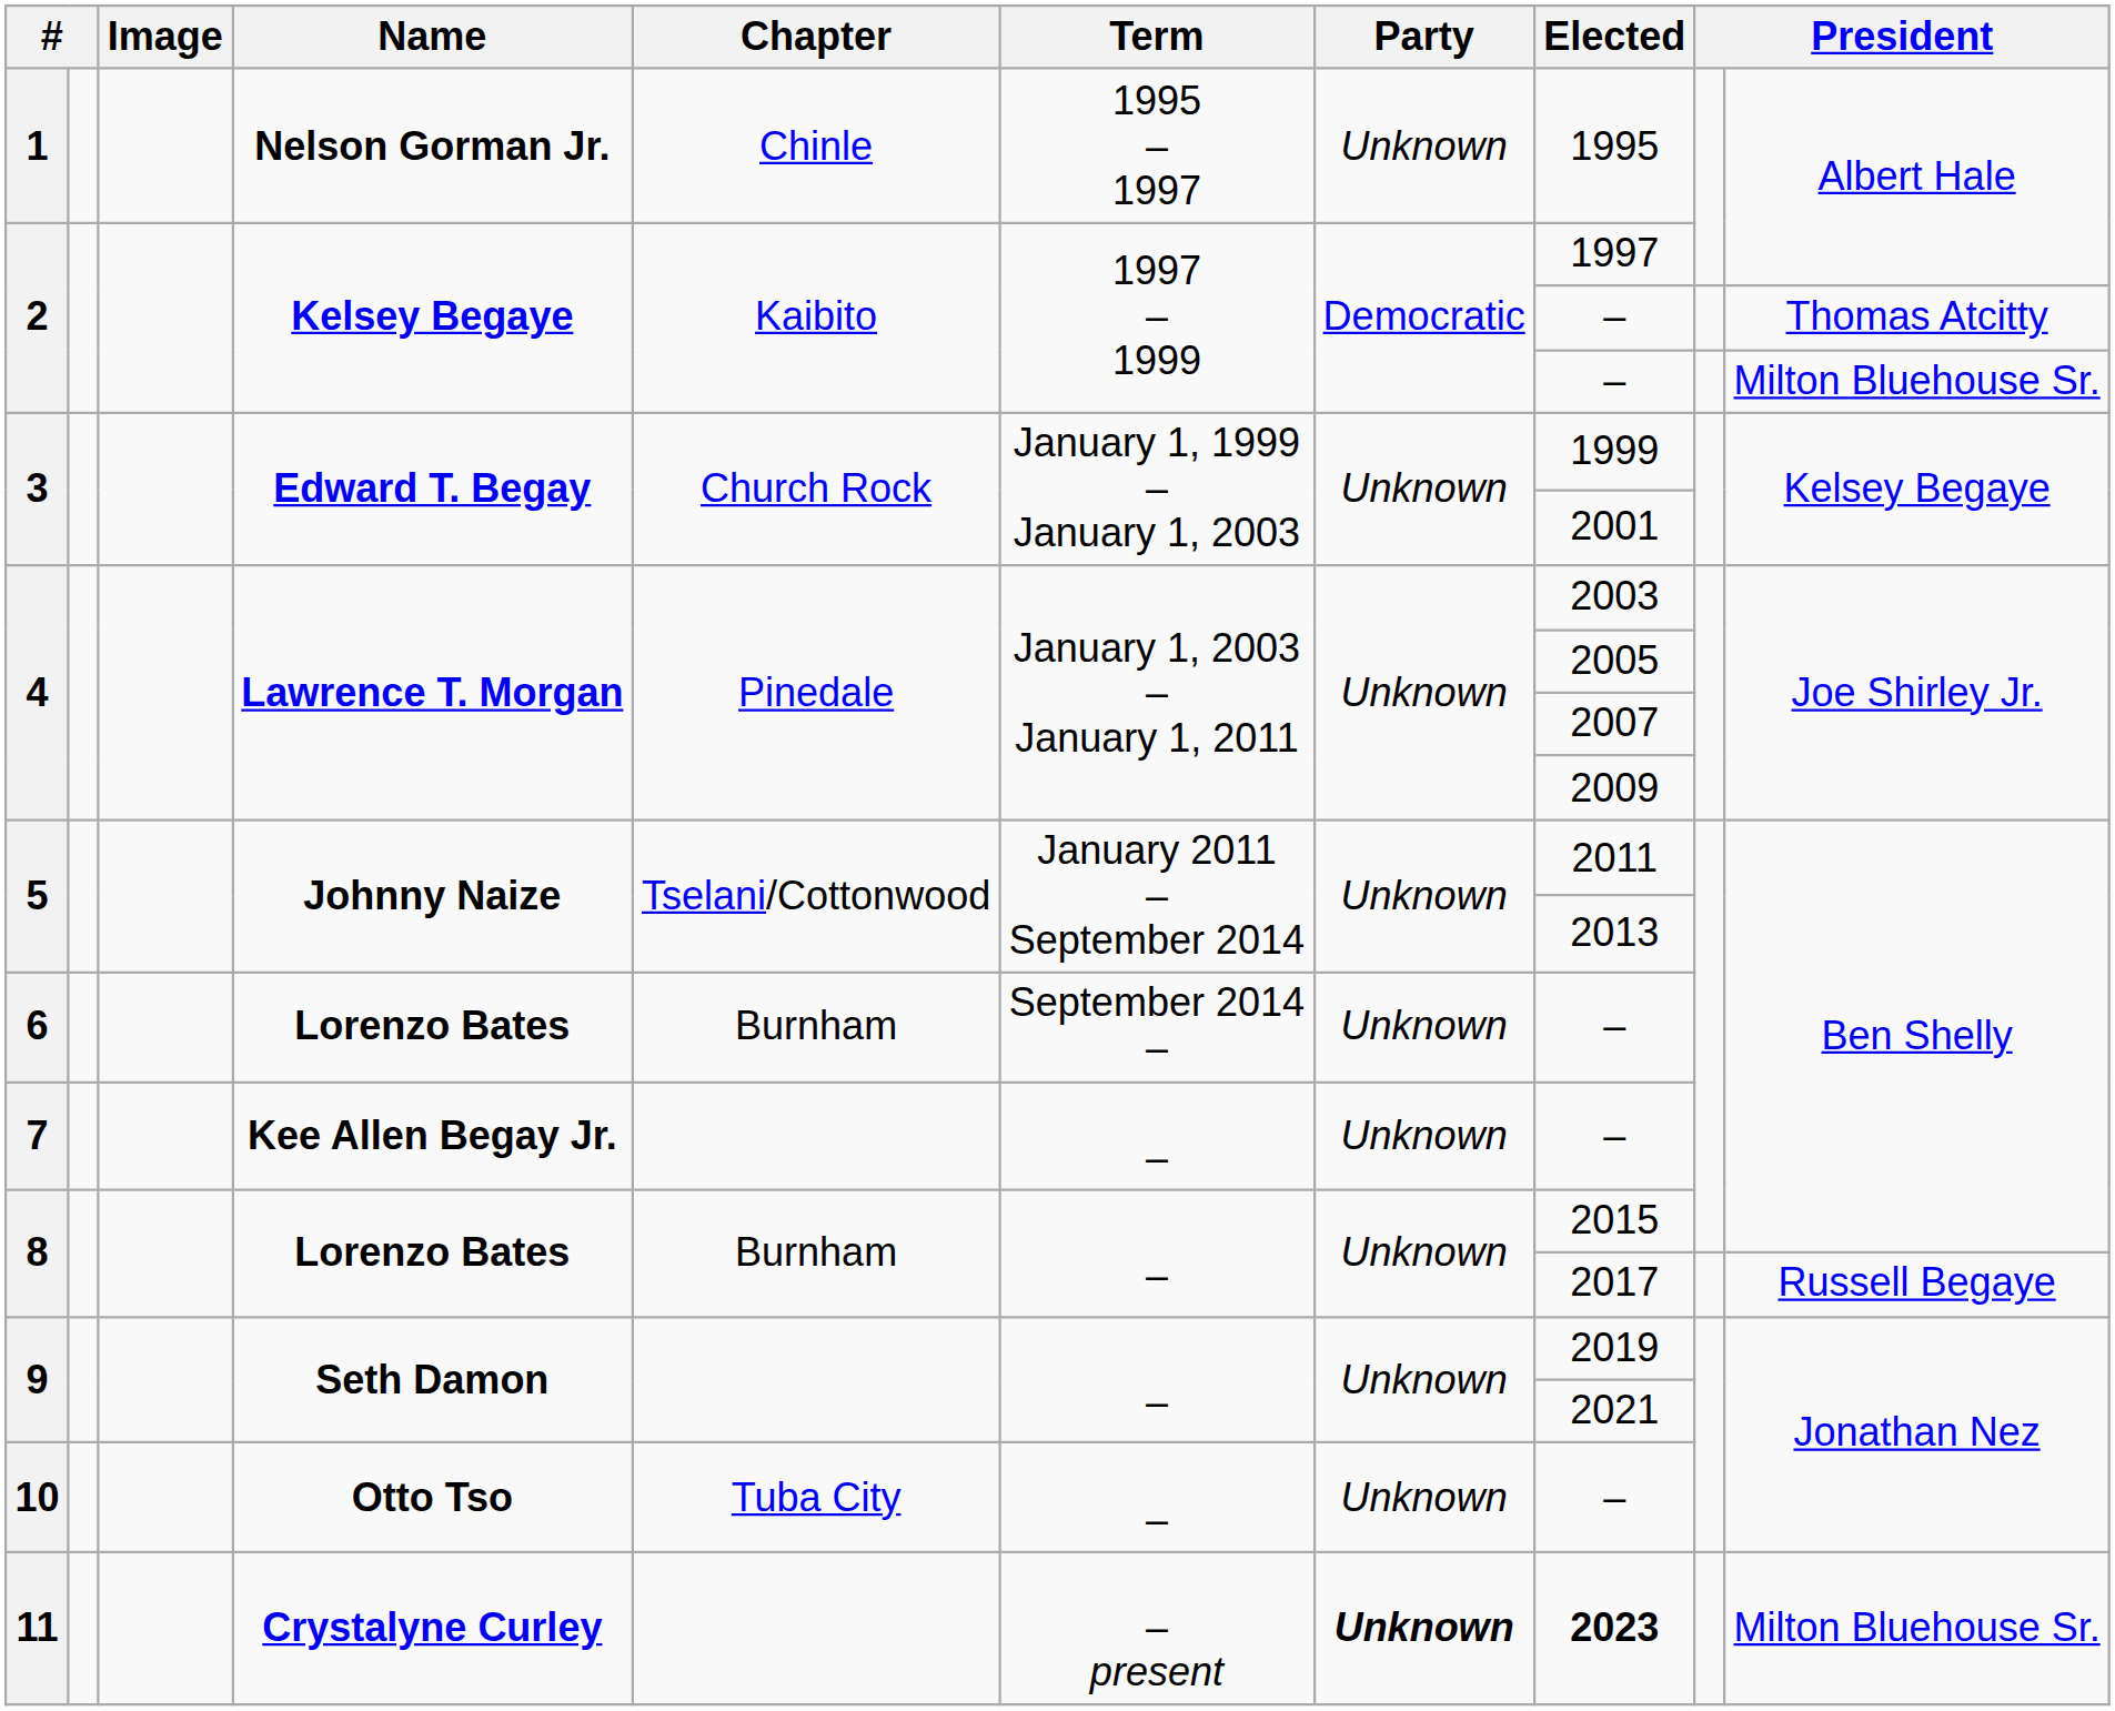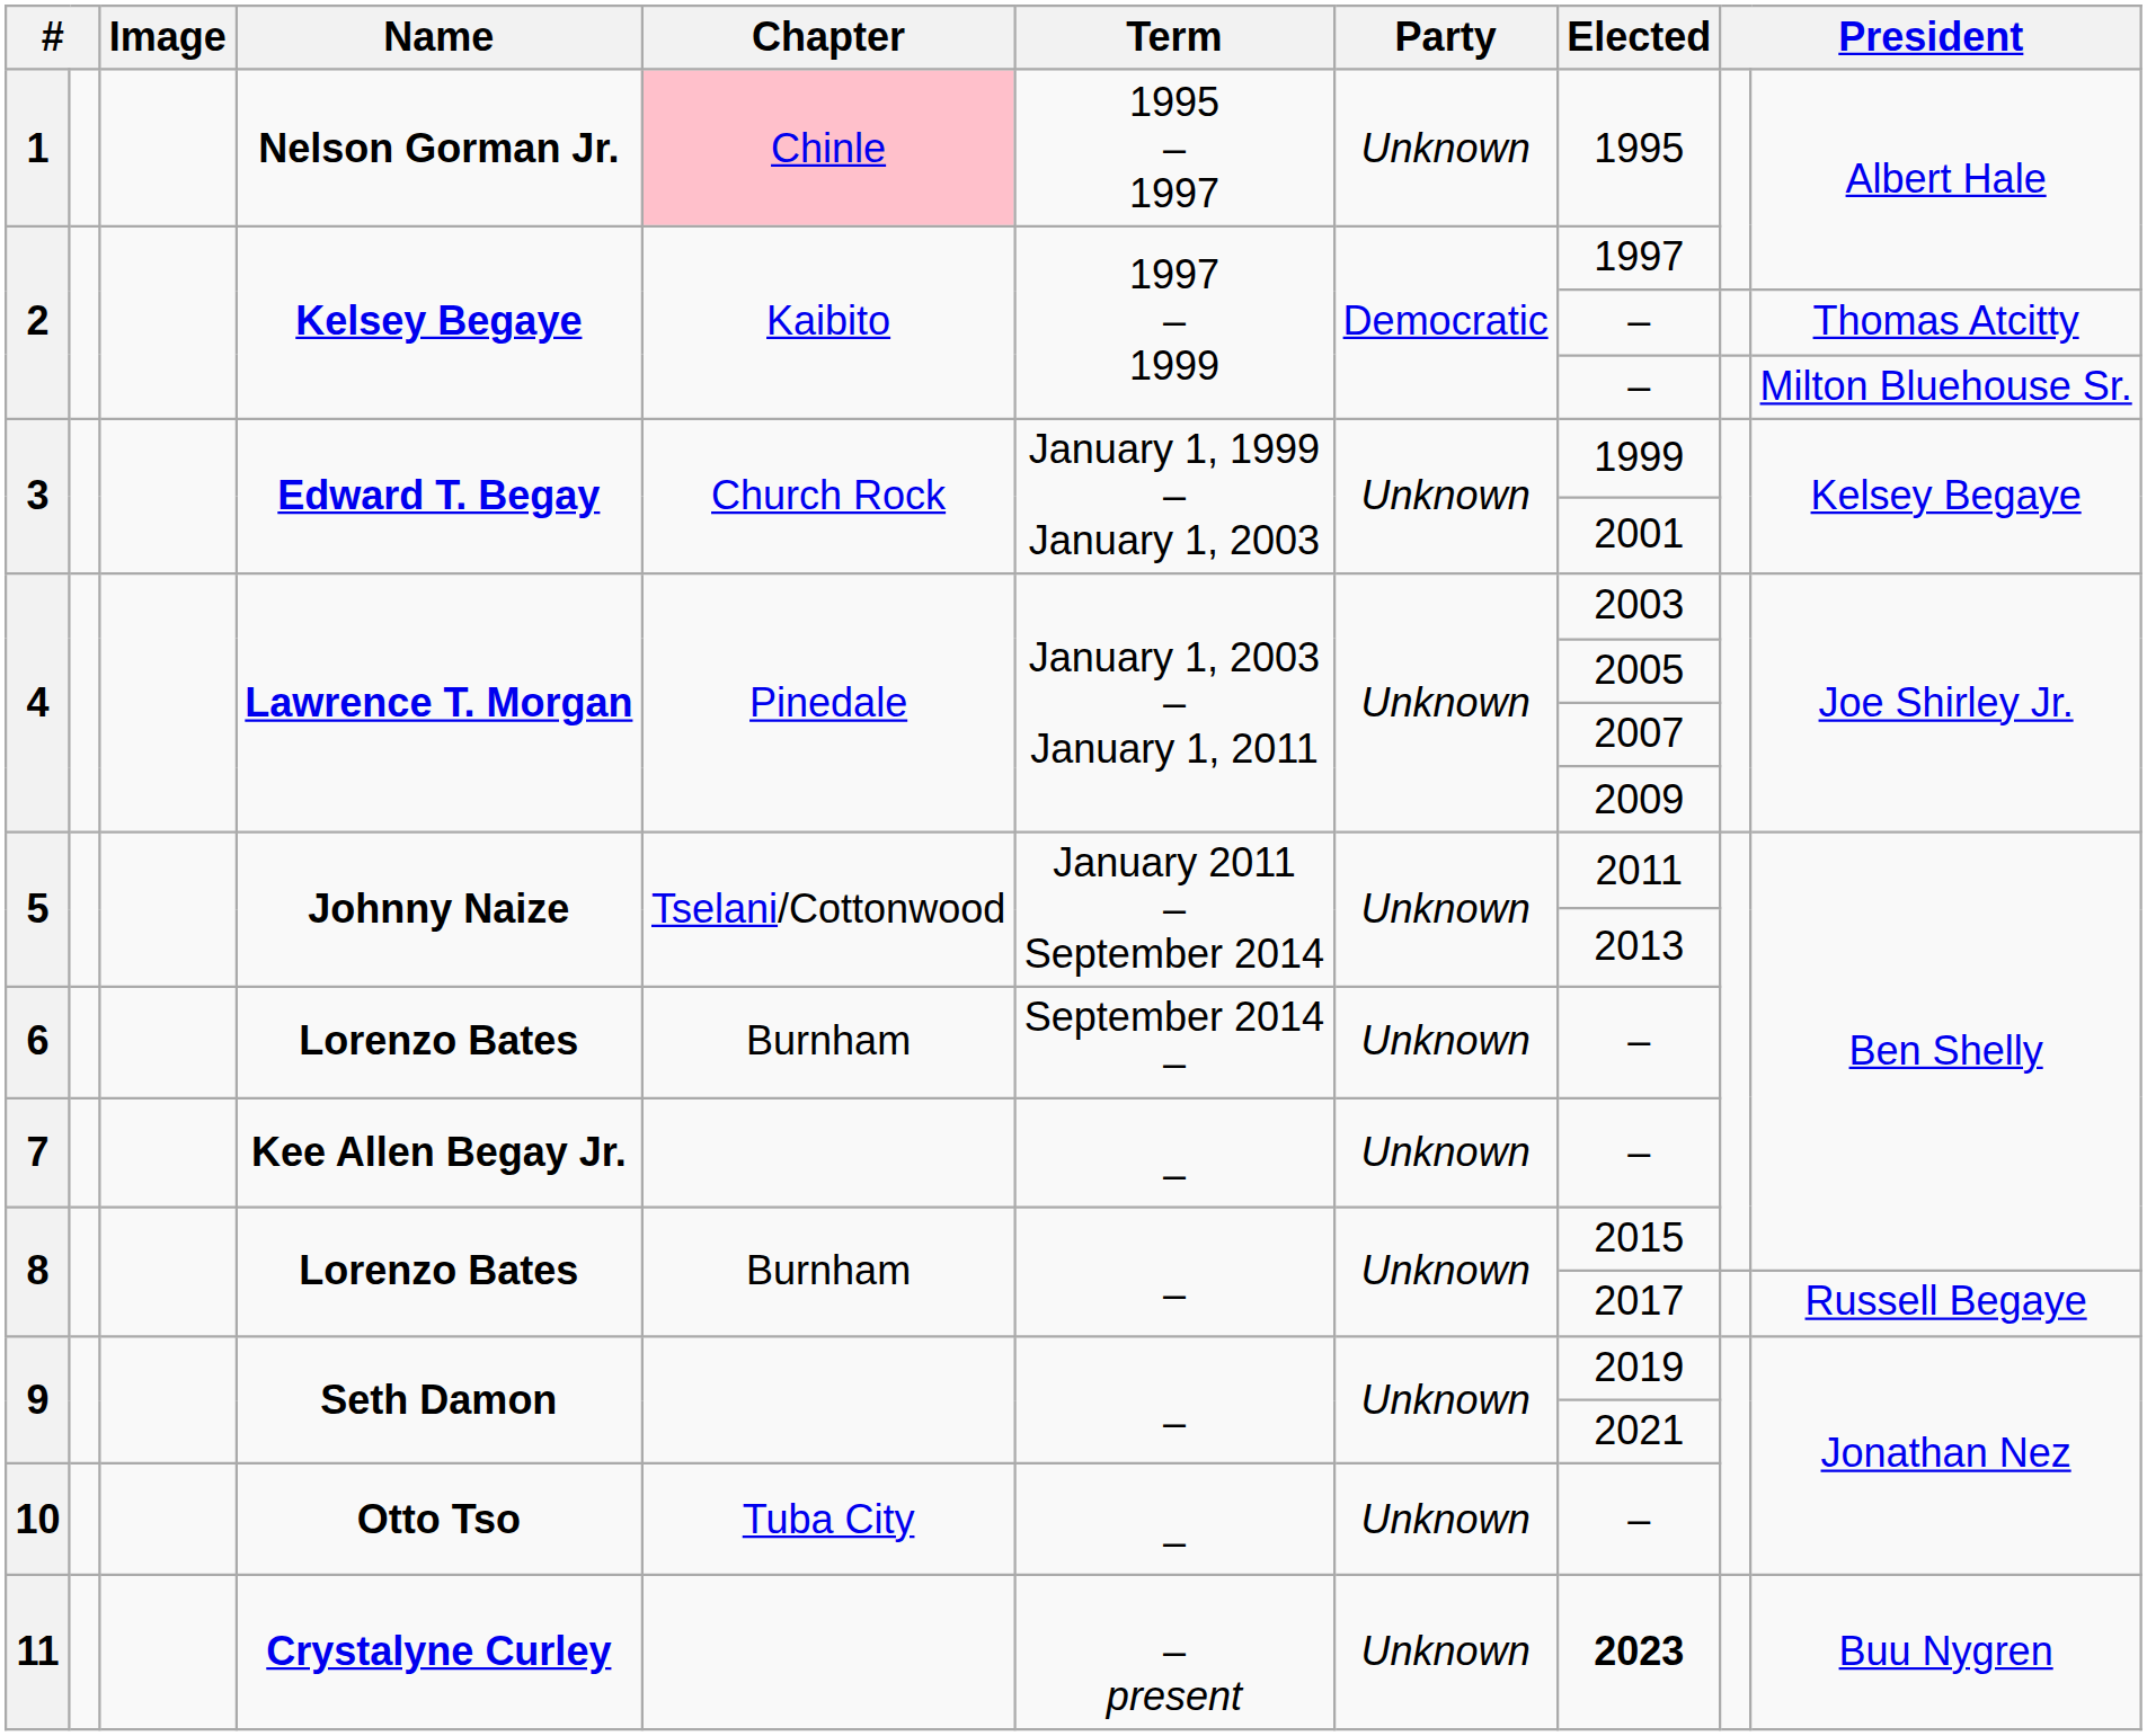 <table class="wikitable" style="text-align:center;">
 <tr>
 <th colspan="2">#</th>
 <th>Image</th>
 <th>Name</th>
 <th>Chapter</th>
 <th>Term</th>
 <th>Party</th>
 <th>Elected</th>
 <th colspan="2"><a href='#'>President</a></th>
 </tr>
 <tr>
 <th>1</th>
 <td> </td>
 <td></td>
 <td><strong>Nelson Gorman Jr.</strong><br></td>
-<td><a href='#'>Chinle</a></td>
+<td style="background: pink;"><a href='#'>Chinle</a></td>
 <td>1995<br>–<br>1997</td>
 <td><em>Unknown</em></td>
 <td>1995</td>
 <td rowspan="2" style="background-color:"> </td>
 <td rowspan="2"><a href='#'>Albert Hale</a><br></td>
 </tr>
 <tr>
 <th rowspan="3">2</th>
 <td rowspan="3" style="background-color:"> </td>
 <td rowspan="3"></td>
 <td rowspan="3"><strong><a href='#'>Kelsey Begaye</a></strong><br></td>
 <td rowspan="3"><a href='#'>Kaibito</a></td>
 <td rowspan="3">1997<br>–<br>1999</td>
 <td rowspan="3"><a href='#'>Democratic</a></td>
 <td>1997</td>
 </tr>
 <tr>
 <td>–</td>
 <td style="background-color:"> </td>
 <td><a href='#'>Thomas Atcitty</a><br></td>
 </tr>
 <tr>
 <td>–</td>
 <td> </td>
 <td><a href='#'>Milton Bluehouse Sr.</a><br></td>
 </tr>
 <tr>
 <th rowspan="2">3</th>
 <td rowspan="2"> </td>
 <td rowspan="2"></td>
 <td rowspan="2"><strong><a href='#'>Edward T. Begay</a></strong><br></td>
 <td rowspan="2"><a href='#'>Church Rock</a></td>
 <td rowspan="2">January 1, 1999<br>–<br>January 1, 2003</td>
 <td rowspan="2"><em>Unknown</em></td>
 <td>1999</td>
 <td rowspan="2" style="background-color:"> </td>
 <td rowspan="2"><a href='#'>Kelsey Begaye</a><br></td>
 </tr>
 <tr>
 <td>2001</td>
 </tr>
 <tr>
 <th rowspan="4">4</th>
 <td rowspan="4"> </td>
 <td rowspan="4"></td>
 <td rowspan="4"><strong><a href='#'>Lawrence T. Morgan</a></strong><br></td>
 <td rowspan="4"><a href='#'>Pinedale</a></td>
 <td rowspan="4">January 1, 2003<br>–<br>January 1, 2011</td>
 <td rowspan="4"><em>Unknown</em></td>
 <td>2003</td>
 <td rowspan="4" style="background-color:"> </td>
 <td rowspan="4"><a href='#'>Joe Shirley Jr.</a><br></td>
 </tr>
 <tr>
 <td>2005</td>
 </tr>
 <tr>
 <td>2007</td>
 </tr>
 <tr>
 <td>2009</td>
 </tr>
 <tr>
 <th rowspan="2">5</th>
 <td rowspan="2"> </td>
 <td rowspan="2"></td>
 <td rowspan="2"><strong>Johnny Naize</strong><br></td>
 <td rowspan="2"><a href='#'>Tselani</a>/Cottonwood</td>
 <td rowspan="2">January 2011<br>–<br>September 2014</td>
 <td rowspan="2"><em>Unknown</em></td>
 <td>2011</td>
 <td rowspan="5" style="background-color:"> </td>
 <td rowspan="5"><a href='#'>Ben Shelly</a><br></td>
 </tr>
 <tr>
 <td>2013</td>
 </tr>
 <tr>
 <th>6</th>
 <td> </td>
 <td></td>
 <td><strong>Lorenzo Bates</strong><br></td>
 <td>Burnham</td>
 <td>September 2014<br>–<br></td>
 <td><em>Unknown</em></td>
 <td>–</td>
 </tr>
 <tr>
 <th>7</th>
 <td> </td>
 <td></td>
 <td><strong>Kee Allen Begay Jr.</strong><br></td>
 <td></td>
 <td><br>–<br></td>
 <td><em>Unknown</em></td>
 <td>–</td>
 </tr>
 <tr>
 <th rowspan="2">8</th>
 <td rowspan="2"> </td>
 <td rowspan="2"></td>
 <td rowspan="2"><strong>Lorenzo Bates</strong><br></td>
 <td rowspan="2">Burnham</td>
 <td rowspan="2"><br>–<br></td>
 <td rowspan="2"><em>Unknown</em></td>
 <td>2015</td>
 </tr>
 <tr>
 <td>2017</td>
 <td style="background-color:"> </td>
 <td><a href='#'>Russell Begaye</a><br></td>
 </tr>
 <tr>
 <th rowspan="2">9</th>
 <td rowspan="2"> </td>
 <td rowspan="2"></td>
 <td rowspan="2"><strong>Seth Damon</strong><br></td>
 <td rowspan="2"></td>
 <td rowspan="2"><br>–<br></td>
 <td rowspan="2"><em>Unknown</em></td>
 <td>2019</td>
 <td rowspan="3" style="background-color:"> </td>
 <td rowspan="3"><a href='#'>Jonathan Nez</a><br></td>
 </tr>
 <tr>
 <td>2021</td>
 </tr>
 <tr>
 <th>10</th>
 <td> </td>
 <td></td>
 <td><strong>Otto Tso</strong><br></td>
 <td><a href='#'>Tuba City</a></td>
 <td><br>–<br></td>
 <td><em>Unknown</em></td>
 <td>–</td>
 </tr>
 <tr>
 <th>11</th>
 <td> </td>
 <td></td>
 <td><strong><a href='#'>Crystalyne Curley</a></strong><br></td>
 <td></td>
 <td><br>–<br><em>present</em></td>
-<td><strong><em>Unknown</em></strong></td>
+<td><em>Unknown</em></td>
 <td><strong>2023</strong></td>
 <td style="background-color:"> </td>
-<td><a href='#'>Milton Bluehouse Sr.</a><br></td>
+<td><a href='#'>Buu Nygren</a><br></td>
 </tr>
 </table>
